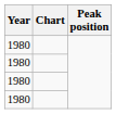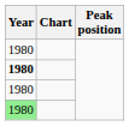 <table class="wikitable sortable">
 <tr>
 <th>Year</th>
 <th>Chart</th>
 <th>Peak<br>position</th>
 </tr>
 <tr>
 <td style="text-align:center">1980</td>
 <td></td>
 </tr>
 <tr>
-<td style="text-align:center">1980</td>
+<td style="text-align:center"><strong>1980</strong></td>
 <td></td>
 </tr>
 <tr>
 <td style="text-align:center">1980</td>
 <td></td>
 </tr>
 <tr>
-<td style="text-align:center">1980</td>
+<td style="background: lightgreen; text-align:center">1980</td>
 <td></td>
 </tr>
 </table>
